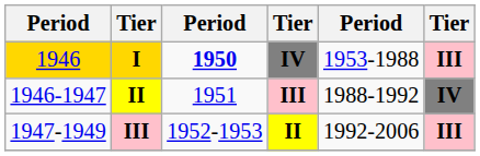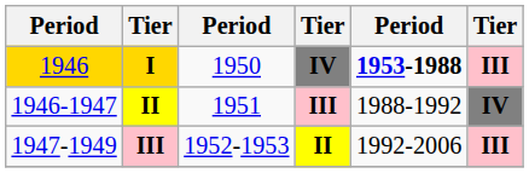 <table class="wikitable" style="text-align:center; font-size:90%">
 <tr>
 <th>Period</th>
 <th>Tier</th>
 <th>Period</th>
 <th>Tier</th>
 <th>Period</th>
 <th>Tier</th>
 </tr>
 <tr>
 <td style="background: gold;"><a href='#'>1946</a></td>
 <td style="background:gold;"><strong>I</strong></td>
-<td><strong><a href='#'>1950</a></strong></td>
+<td><a href='#'>1950</a></td>
 <td style="background:grey;"><strong>IV</strong></td>
-<td><a href='#'>1953</a>-1988</td>
+<td><strong><a href='#'>1953</a>-1988</strong></td>
 <td style="background:pink;"><strong>III</strong></td>
 </tr>
 <tr>
 <td><a href='#'>1946-1947</a></td>
 <td style="background:yellow;"><strong>II</strong></td>
 <td><a href='#'>1951</a></td>
 <td style="background:pink;"><strong>III</strong></td>
 <td>1988-1992</td>
 <td style="background:grey;"><strong>IV</strong></td>
 </tr>
 <tr>
 <td><a href='#'>1947</a>-<a href='#'>1949</a></td>
 <td style="background:pink;"><strong>III</strong></td>
 <td><a href='#'>1952</a>-<a href='#'>1953</a></td>
 <td style="background:yellow;"><strong>II</strong></td>
 <td>1992-2006</td>
 <td style="background:pink;"><strong>III</strong></td>
 </tr>
 <tr style="background:lightblue;">
 </tr>
 </table>
